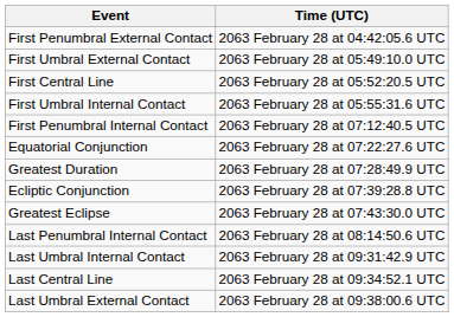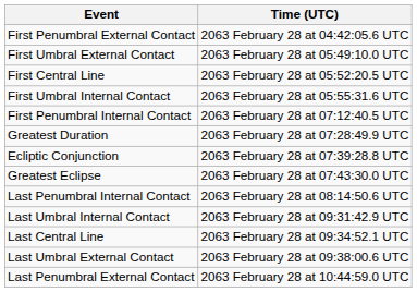 <table class="wikitable">
 <tr>
 <th>Event</th>
 <th>Time (UTC)</th>
 </tr>
 <tr>
 <td>First Penumbral External Contact</td>
 <td>2063 February 28 at 04:42:05.6 UTC</td>
 </tr>
 <tr>
 <td>First Umbral External Contact</td>
 <td>2063 February 28 at 05:49:10.0 UTC</td>
 </tr>
 <tr>
 <td>First Central Line</td>
 <td>2063 February 28 at 05:52:20.5 UTC</td>
 </tr>
 <tr>
 <td>First Umbral Internal Contact</td>
 <td>2063 February 28 at 05:55:31.6 UTC</td>
 </tr>
 <tr>
 <td>First Penumbral Internal Contact</td>
 <td>2063 February 28 at 07:12:40.5 UTC</td>
-</tr>
-<tr>
-<td>Equatorial Conjunction</td>
-<td>2063 February 28 at 07:22:27.6 UTC</td>
 </tr>
 <tr>
 <td>Greatest Duration</td>
 <td>2063 February 28 at 07:28:49.9 UTC</td>
 </tr>
 <tr>
 <td>Ecliptic Conjunction</td>
 <td>2063 February 28 at 07:39:28.8 UTC</td>
 </tr>
 <tr>
 <td>Greatest Eclipse</td>
 <td>2063 February 28 at 07:43:30.0 UTC</td>
 </tr>
 <tr>
 <td>Last Penumbral Internal Contact</td>
 <td>2063 February 28 at 08:14:50.6 UTC</td>
 </tr>
 <tr>
 <td>Last Umbral Internal Contact</td>
 <td>2063 February 28 at 09:31:42.9 UTC</td>
 </tr>
 <tr>
 <td>Last Central Line</td>
 <td>2063 February 28 at 09:34:52.1 UTC</td>
 </tr>
 <tr>
 <td>Last Umbral External Contact</td>
 <td>2063 February 28 at 09:38:00.6 UTC</td>
 </tr>
+<tr>
+<td>Last Penumbral External Contact</td>
+<td>2063 February 28 at 10:44:59.0 UTC</td>
+</tr>
 </table>
